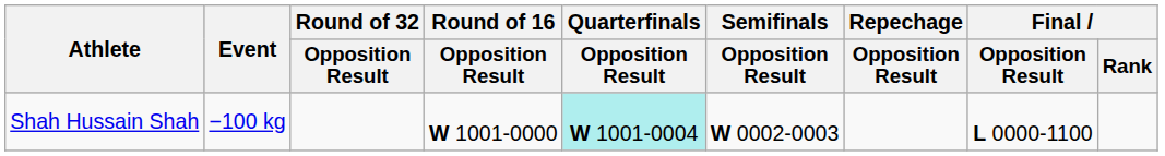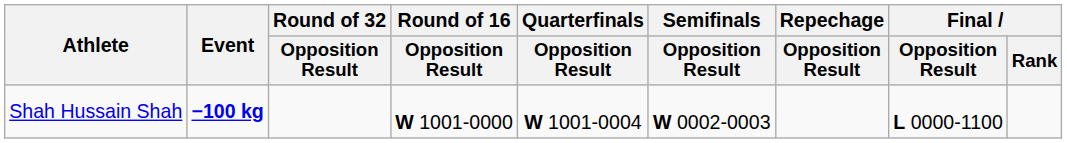 <table class="wikitable" style="font-size:90%;">
 <tr>
 <th rowspan=2>Athlete</th>
 <th rowspan=2>Event</th>
 <th>Round of 32</th>
 <th>Round of 16</th>
 <th>Quarterfinals</th>
 <th>Semifinals</th>
 <th>Repechage</th>
 <th colspan=2>Final / </th>
 </tr>
 <tr style="font-size:95%">
 <th>Opposition<br>Result</th>
 <th>Opposition<br>Result</th>
 <th>Opposition<br>Result</th>
 <th>Opposition<br>Result</th>
 <th>Opposition<br>Result</th>
 <th>Opposition<br>Result</th>
 <th>Rank</th>
 </tr>
 <tr align=center>
 <td align=left><a href='#'>Shah Hussain Shah</a></td>
-<td align=left><a href='#'>−100 kg</a></td>
+<td align=left><strong><a href='#'>−100 kg</a></strong></td>
 <td></td>
 <td><br><strong>W</strong> 1001-0000</td>
-<td style="background: paleturquoise;"><br><strong>W</strong> 1001-0004</td>
+<td><br><strong>W</strong> 1001-0004</td>
 <td><br><strong>W</strong> 0002-0003</td>
 <td></td>
 <td><br><strong>L</strong> 0000-1100</td>
 <td></td>
 </tr>
 </table>
